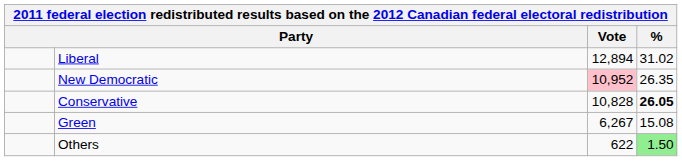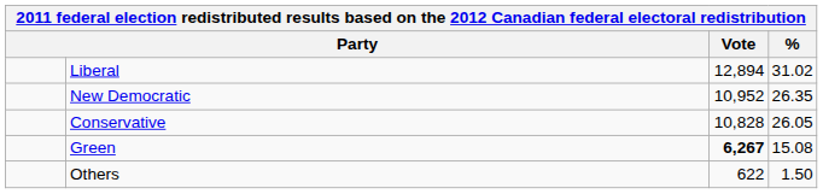 <table class="wikitable" width="50%">
 <tr>
 <th colspan="4"><a href='#'>2011 federal election</a> redistributed results based on the <a href='#'>2012 Canadian federal electoral redistribution</a></th>
 </tr>
 <tr>
 <th bgcolor="#DDDDFF" width="130px" colspan="2">Party</th>
 <th bgcolor="#DDDDFF" width="50px">Vote</th>
 <th bgcolor="#DDDDFF" width="30px">%</th>
 </tr>
 <tr>
 <td> </td>
 <td><a href='#'>Liberal</a></td>
 <td align="right">12,894</td>
 <td align="right">31.02</td>
 </tr>
 <tr>
 <td> </td>
 <td><a href='#'>New Democratic</a></td>
-<td align="right" style="background: pink;">10,952</td>
+<td align="right">10,952</td>
 <td align="right">26.35</td>
 </tr>
 <tr>
 <td> </td>
 <td><a href='#'>Conservative</a></td>
 <td align="right">10,828</td>
-<td align="right"><strong>26.05</strong></td>
+<td align="right">26.05</td>
 </tr>
 <tr>
 <td> </td>
 <td><a href='#'>Green</a></td>
-<td align="right">6,267</td>
+<td align="right"><strong>6,267</strong></td>
 <td align="right">15.08</td>
 </tr>
 <tr>
 <td> </td>
 <td>Others</td>
 <td align="right">622</td>
-<td align="right" style="background: lightgreen;">1.50</td>
+<td align="right">1.50</td>
 </tr>
 </table>
